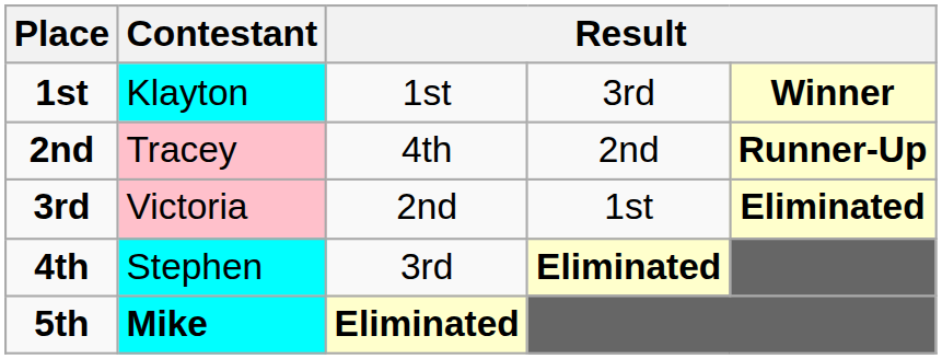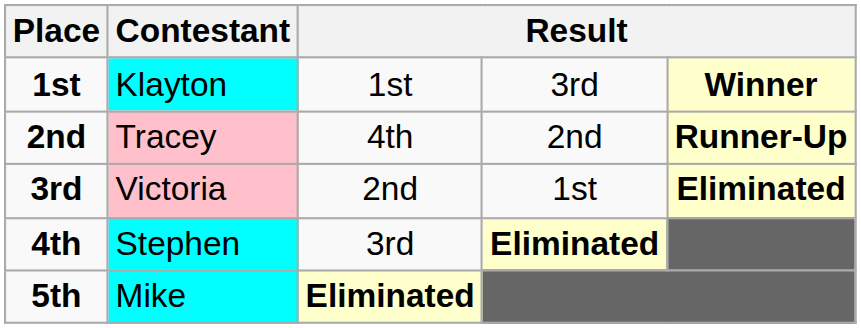 <table class="wikitable">
 <tr>
 <th>Place</th>
 <th>Contestant</th>
 <th colspan="14" align="center">Result</th>
 </tr>
 <tr>
 <td align="center"><strong>1st</strong></td>
 <td bgcolor="cyan">Klayton</td>
 <td align="center">1st</td>
 <td align="center">3rd</td>
 <td bgcolor="FFFFCC" align="center"><strong>Winner</strong></td>
 </tr>
 <tr>
 <td align="center"><strong>2nd</strong></td>
 <td bgcolor="pink">Tracey</td>
 <td align="center">4th</td>
 <td align="center">2nd</td>
 <td bgcolor="FFFFCC" align="center"><strong>Runner-Up</strong></td>
 </tr>
 <tr>
 <td align="center"><strong>3rd</strong></td>
 <td bgcolor="pink">Victoria</td>
 <td align="center">2nd</td>
 <td align="center">1st</td>
 <td bgcolor="FFFFCC" align="center"><strong>Eliminated</strong></td>
 </tr>
 <tr>
 <td align="center"><strong>4th</strong></td>
 <td bgcolor="cyan">Stephen</td>
 <td align="center">3rd</td>
 <td bgcolor="FFFFCC" align="center"><strong>Eliminated</strong></td>
 <td colspan="1" bgcolor="666666"></td>
 </tr>
 <tr>
 <td align="center"><strong>5th</strong></td>
-<td bgcolor="cyan"><strong>Mike</strong></td>
+<td bgcolor="cyan">Mike</td>
 <td bgcolor="FFFFCC" align="center"><strong>Eliminated</strong></td>
 <td colspan="2" bgcolor="666666"></td>
 </tr>
 </table>
